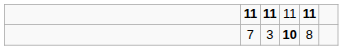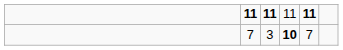 <table class="wikitable">
 <tr>
 <td style="width:18em"></td>
 <td align=center style="width:1em"><strong>11</strong></td>
 <td align=center style="width:1em"><strong>11</strong></td>
 <td align=center style="width:1em">11</td>
 <td align=center style="width:1em"><strong>11</strong></td>
 <td align=center style="width:1em"></td>
 </tr>
 <tr>
 <td style="width:18em"></td>
 <td align=center style="width:1em">7</td>
 <td align=center style="width:1em">3</td>
 <td align=center style="width:1em"><strong>10</strong></td>
-<td align=center style="width:1em">8</td>
+<td align=center style="width:1em">7</td>
 <td align=center style="width:1em"></td>
 </tr>
 </table>
